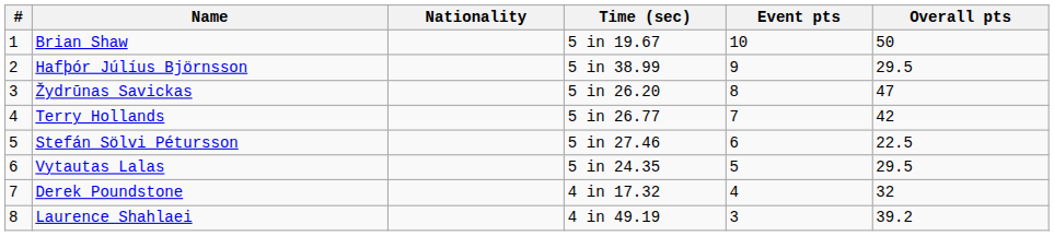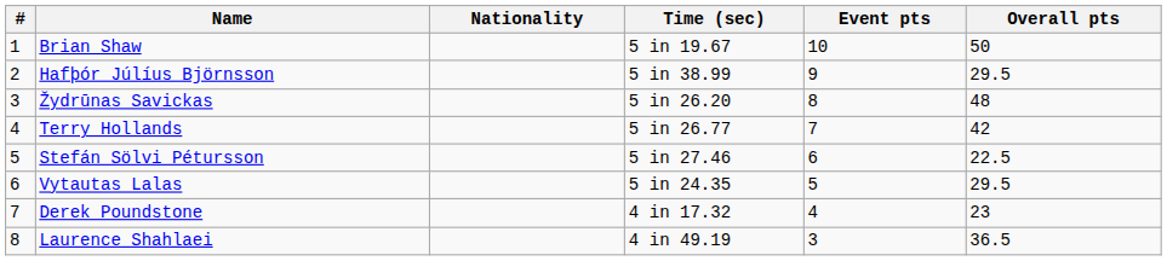 <table class="wikitable sortable" style="display: inline-table;width: 100%;">
 <tr>
 <th>#</th>
 <th>Name</th>
 <th>Nationality</th>
 <th>Time (sec)</th>
 <th>Event pts</th>
 <th>Overall pts</th>
 </tr>
 <tr>
 <td>1</td>
 <td><a href='#'>Brian Shaw</a></td>
 <td></td>
 <td>5 in 19.67</td>
 <td>10</td>
 <td>50</td>
 </tr>
 <tr>
 <td>2</td>
 <td><a href='#'>Hafþór Júlíus Björnsson</a></td>
 <td></td>
 <td>5 in 38.99</td>
 <td>9</td>
 <td>29.5</td>
 </tr>
 <tr>
 <td>3</td>
 <td><a href='#'>Žydrūnas Savickas</a></td>
 <td></td>
 <td>5 in 26.20</td>
 <td>8</td>
-<td>47</td>
+<td>48</td>
 </tr>
 <tr>
 <td>4</td>
 <td><a href='#'>Terry Hollands</a></td>
 <td></td>
 <td>5 in 26.77</td>
 <td>7</td>
 <td>42</td>
 </tr>
 <tr>
 <td>5</td>
 <td><a href='#'>Stefán Sölvi Pétursson</a></td>
 <td></td>
 <td>5 in 27.46</td>
 <td>6</td>
 <td>22.5</td>
 </tr>
 <tr>
 <td>6</td>
 <td><a href='#'>Vytautas Lalas</a></td>
 <td></td>
 <td>5 in 24.35</td>
 <td>5</td>
 <td>29.5</td>
 </tr>
 <tr>
 <td>7</td>
 <td><a href='#'>Derek Poundstone</a></td>
 <td></td>
 <td>4 in 17.32</td>
 <td>4</td>
-<td>32</td>
+<td>23</td>
 </tr>
 <tr>
 <td>8</td>
 <td><a href='#'>Laurence Shahlaei</a></td>
 <td></td>
 <td>4 in 49.19</td>
 <td>3</td>
-<td>39.2</td>
+<td>36.5</td>
 </tr>
 </table>
